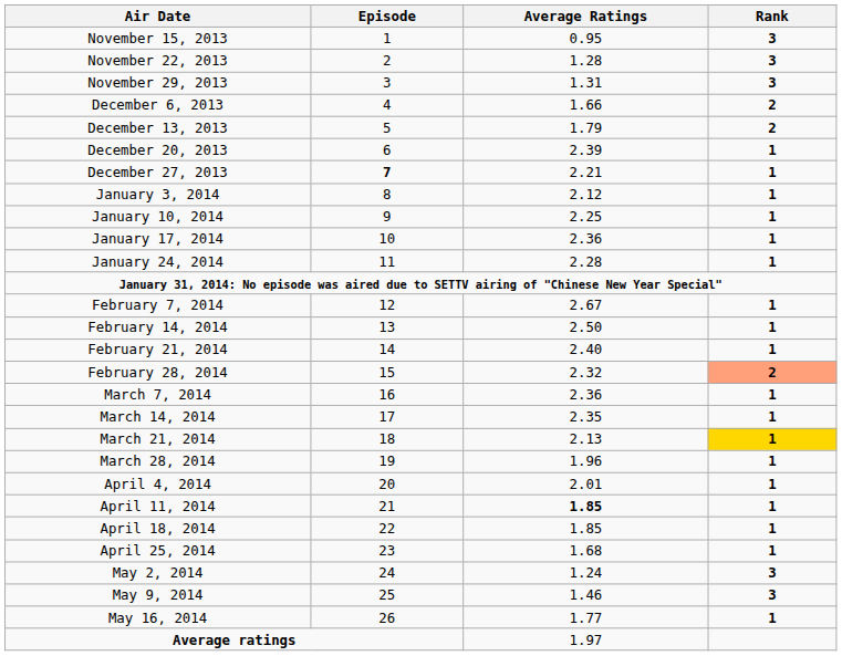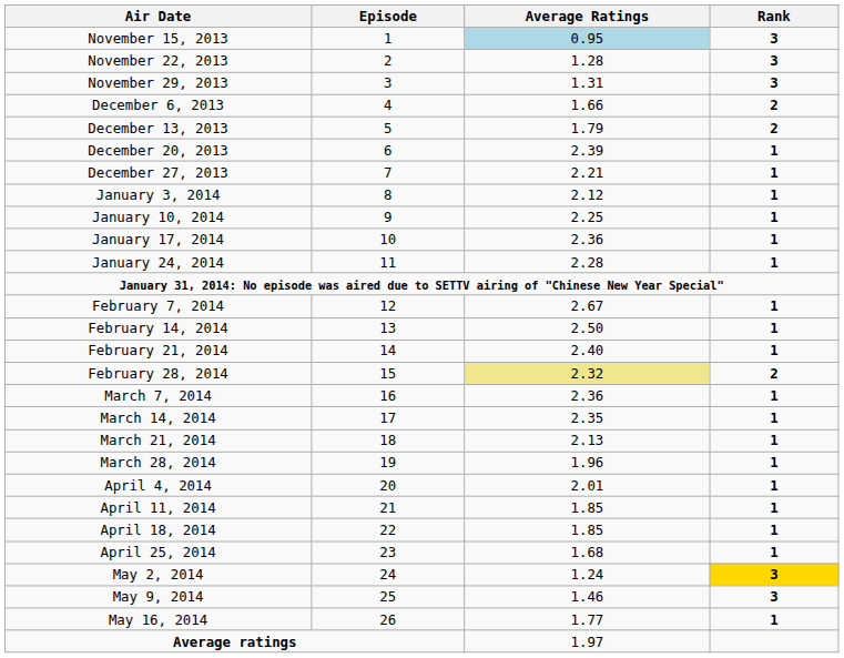 <table class="wikitable" width="50%" style="text-align:center;">
 <tr>
 <th width="10%">Air Date</th>
 <th width="4%">Episode</th>
 <th width="8%">Average Ratings</th>
 <th width="4%">Rank</th>
 </tr>
 <tr>
 <td>November 15, 2013</td>
 <td>1</td>
-<td>0.95</td>
+<td style="background: lightblue;">0.95</td>
 <td><strong> 3</strong></td>
 </tr>
 <tr>
 <td>November 22, 2013</td>
 <td>2</td>
 <td>1.28</td>
 <td><strong> 3</strong></td>
 </tr>
 <tr>
 <td>November 29, 2013</td>
 <td>3</td>
 <td>1.31</td>
 <td><strong> 3</strong></td>
 </tr>
 <tr>
 <td>December 6, 2013</td>
 <td>4</td>
 <td>1.66</td>
 <td><strong> 2</strong></td>
 </tr>
 <tr>
 <td>December 13, 2013</td>
 <td>5</td>
 <td>1.79</td>
 <td><strong> 2</strong></td>
 </tr>
 <tr>
 <td>December 20, 2013</td>
 <td>6</td>
 <td>2.39</td>
 <td><strong> 1</strong></td>
 </tr>
 <tr>
 <td>December 27, 2013</td>
-<td><strong>7</strong></td>
+<td>7</td>
 <td>2.21</td>
 <td><strong> 1</strong></td>
 </tr>
 <tr>
 <td>January 3, 2014</td>
 <td>8</td>
 <td>2.12</td>
 <td><strong> 1</strong></td>
 </tr>
 <tr>
 <td>January 10, 2014</td>
 <td>9</td>
 <td>2.25</td>
 <td><strong> 1</strong></td>
 </tr>
 <tr>
 <td>January 17, 2014</td>
 <td>10</td>
 <td>2.36</td>
 <td><strong> 1</strong></td>
 </tr>
 <tr>
 <td>January 24, 2014</td>
 <td>11</td>
 <td>2.28</td>
 <td><strong> 1</strong></td>
 </tr>
 <tr>
 <td colspan=4><small><strong>January 31, 2014: No episode was aired due to SETTV airing of "Chinese New Year Special"</strong></small></td>
 </tr>
 <tr>
 <td>February 7, 2014</td>
 <td>12</td>
 <td>2.67</td>
 <td><strong> 1 </strong></td>
 </tr>
 <tr>
 <td>February 14, 2014</td>
 <td>13</td>
 <td>2.50</td>
 <td><strong> 1 </strong></td>
 </tr>
 <tr>
 <td>February 21, 2014</td>
 <td>14</td>
 <td>2.40</td>
 <td><strong> 1 </strong></td>
 </tr>
 <tr>
 <td>February 28, 2014</td>
 <td>15</td>
-<td>2.32</td>
-<td style="background: lightsalmon;"><strong> 2 </strong></td>
+<td style="background: khaki;">2.32</td>
+<td><strong> 2 </strong></td>
 </tr>
 <tr>
 <td>March 7, 2014</td>
 <td>16</td>
 <td>2.36</td>
 <td><strong> 1 </strong></td>
 </tr>
 <tr>
 <td>March 14, 2014</td>
 <td>17</td>
 <td>2.35</td>
 <td><strong> 1 </strong></td>
 </tr>
 <tr>
 <td>March 21, 2014</td>
 <td>18</td>
 <td>2.13</td>
-<td style="background: gold;"><strong> 1 </strong></td>
+<td><strong> 1 </strong></td>
 </tr>
 <tr>
 <td>March 28, 2014</td>
 <td>19</td>
 <td>1.96</td>
 <td><strong> 1 </strong></td>
 </tr>
 <tr>
 <td>April 4, 2014</td>
 <td>20</td>
 <td>2.01</td>
 <td><strong> 1 </strong></td>
 </tr>
 <tr>
 <td>April 11, 2014</td>
 <td>21</td>
-<td><strong>1.85</strong></td>
+<td>1.85</td>
 <td><strong> 1 </strong></td>
 </tr>
 <tr>
 <td>April 18, 2014</td>
 <td>22</td>
 <td>1.85</td>
 <td><strong> 1 </strong></td>
 </tr>
 <tr>
 <td>April 25, 2014</td>
 <td>23</td>
 <td>1.68</td>
 <td><strong> 1 </strong></td>
 </tr>
 <tr>
 <td>May 2, 2014</td>
 <td>24</td>
 <td>1.24</td>
-<td><strong> 3 </strong></td>
+<td style="background: gold;"><strong> 3 </strong></td>
 </tr>
 <tr>
 <td>May 9, 2014</td>
 <td>25</td>
 <td>1.46</td>
 <td><strong> 3 </strong></td>
 </tr>
 <tr>
 <td>May 16, 2014</td>
 <td>26</td>
 <td>1.77</td>
 <td><strong> 1 </strong></td>
 </tr>
 <tr>
 <td colspan="2"><strong>Average ratings</strong></td>
 <td>1.97</td>
 <td></td>
 </tr>
 </table>
